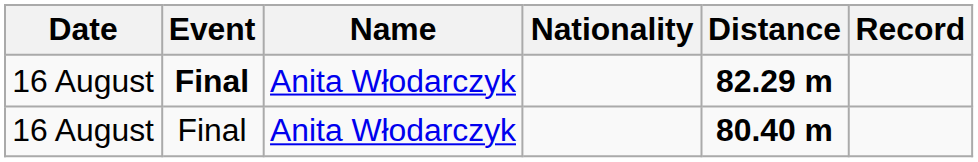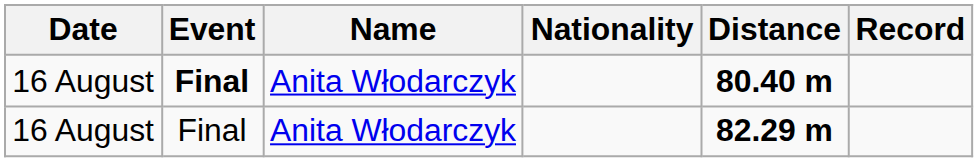 <table class=wikitable style=text-align:center>
 <tr>
 <th>Date</th>
 <th>Event</th>
 <th>Name</th>
 <th>Nationality</th>
 <th>Distance</th>
 <th>Record</th>
 </tr>
 <tr>
 <td>16 August</td>
 <td><strong>Final</strong></td>
 <td align=left><a href='#'>Anita Włodarczyk</a></td>
 <td align=left></td>
-<td><strong>82.29 m</strong></td>
+<td><strong>80.40 m</strong></td>
 <td></td>
 </tr>
 <tr>
 <td>16 August</td>
 <td>Final</td>
 <td align=left><a href='#'>Anita Włodarczyk</a></td>
 <td align=left></td>
-<td><strong>80.40 m</strong></td>
+<td><strong>82.29 m</strong></td>
 <td></td>
 </tr>
 </table>
